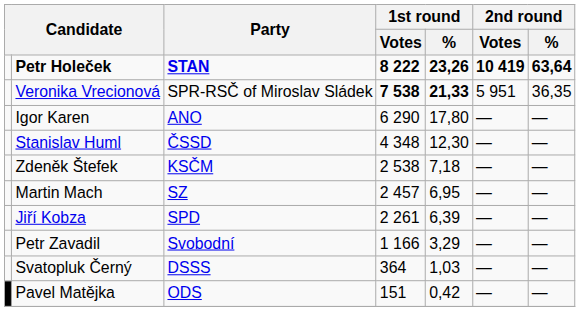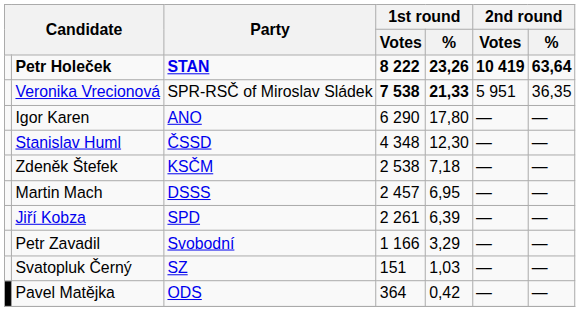 <table class="wikitable sortable">
 <tr>
 <th colspan="2" rowspan="2">Candidate</th>
 <th rowspan="2">Party</th>
 <th colspan="2">1st round</th>
 <th colspan="2">2nd round</th>
 </tr>
 <tr>
 <th>Votes</th>
 <th>%</th>
 <th>Votes</th>
 <th>%</th>
 </tr>
 <tr>
 <td style="background-color:"></td>
 <td><strong>Petr Holeček</strong></td>
 <td><strong><a href='#'>STAN</a></strong></td>
 <td><strong>8 222</strong></td>
 <td><strong>23,26</strong></td>
 <td><strong>10 419</strong></td>
 <td><strong>63,64</strong></td>
 </tr>
 <tr>
 <td style="background-color:"></td>
 <td><a href='#'>Veronika Vrecionová</a></td>
 <td>SPR-RSČ of Miroslav Sládek</td>
 <td><strong>7 538</strong></td>
 <td><strong>21,33</strong></td>
 <td>5 951</td>
 <td>36,35</td>
 </tr>
 <tr>
 <td style="background-color:"></td>
 <td>Igor Karen</td>
 <td><a href='#'>ANO</a></td>
 <td>6 290</td>
 <td>17,80</td>
 <td>—</td>
 <td>—</td>
 </tr>
 <tr>
 <td style="background-color:"></td>
 <td><a href='#'>Stanislav Huml</a></td>
 <td><a href='#'>ČSSD</a></td>
 <td>4 348</td>
 <td>12,30</td>
 <td>—</td>
 <td>—</td>
 </tr>
 <tr>
 <td style="background-color:"></td>
 <td>Zdeněk Štefek</td>
 <td><a href='#'>KSČM</a></td>
 <td>2 538</td>
 <td>7,18</td>
 <td>—</td>
 <td>—</td>
 </tr>
 <tr>
 <td style="background-color:"></td>
 <td>Martin Mach</td>
-<td><a href='#'>SZ</a></td>
+<td><a href='#'>DSSS</a></td>
 <td>2 457</td>
 <td>6,95</td>
 <td>—</td>
 <td>—</td>
 </tr>
 <tr>
 <td style="background-color:"></td>
 <td><a href='#'>Jiří Kobza</a></td>
 <td><a href='#'>SPD</a></td>
 <td>2 261</td>
 <td>6,39</td>
 <td>—</td>
 <td>—</td>
 </tr>
 <tr>
 <td style="background-color:"></td>
 <td>Petr Zavadil</td>
 <td><a href='#'>Svobodní</a></td>
 <td>1 166</td>
 <td>3,29</td>
 <td>—</td>
 <td>—</td>
 </tr>
 <tr>
 <td style="background-color:"></td>
 <td>Svatopluk Černý</td>
-<td><a href='#'>DSSS</a></td>
-<td>364</td>
+<td><a href='#'>SZ</a></td>
+<td>151</td>
 <td>1,03</td>
 <td>—</td>
 <td>—</td>
 </tr>
 <tr>
 <td style="background-color:black"></td>
 <td>Pavel Matějka</td>
 <td><a href='#'>ODS</a></td>
-<td>151</td>
+<td>364</td>
 <td>0,42</td>
 <td>—</td>
 <td>—</td>
 </tr>
 <tr>
 </tr>
 </table>
